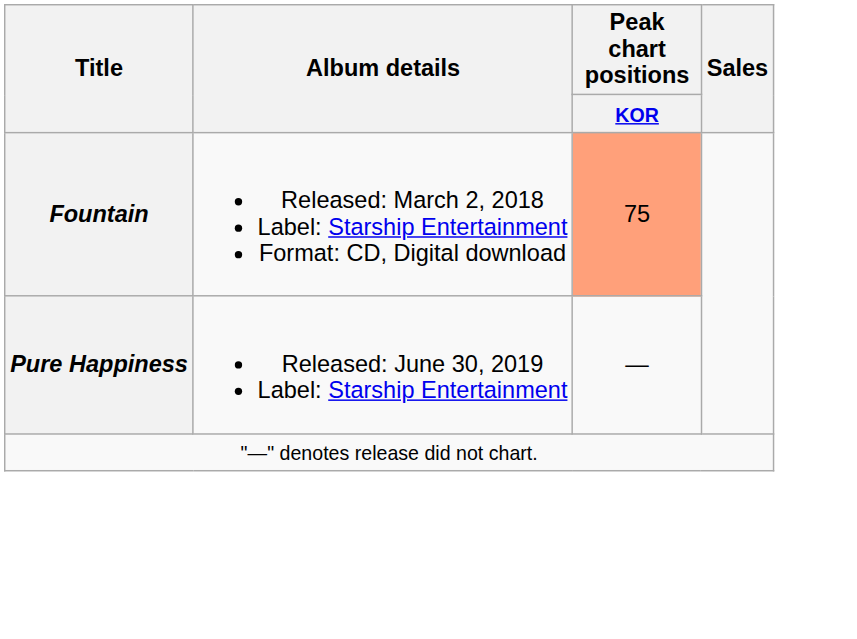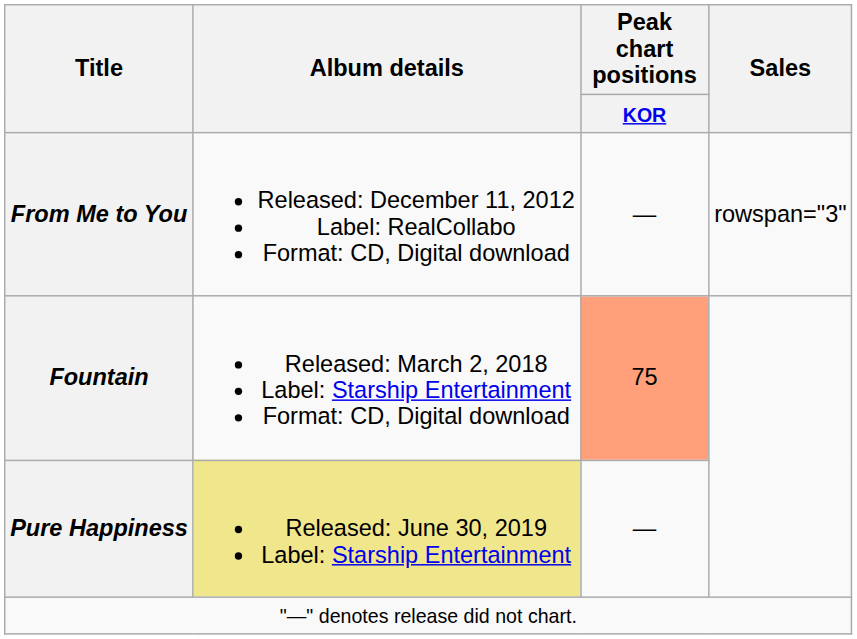 <table class="wikitable plainrowheaders" style="text-align:center;">
 <tr>
 <th rowspan="2" scope="col">Title</th>
 <th rowspan="2" scope="col">Album details</th>
 <th colspan="1" scope="col" style="width:5em;">Peak chart positions</th>
 <th rowspan="2" scope="col">Sales</th>
 </tr>
 <tr>
 <th><small><a href='#'>KOR</a></small><br></th>
 </tr>
 <tr>
+<th scope="row"><em>From Me to You</em></th>
+<td><br><ul><li>Released: December 11, 2012</li><li>Label: RealCollabo</li><li>Format: CD, Digital download</li></ul></td>
+<td>—</td>
+<td>rowspan="3" </td>
+</tr>
+<tr>
 <th scope="row"><em>Fountain</em></th>
 <td><br><ul><li>Released: March 2, 2018</li><li>Label: <a href='#'>Starship Entertainment</a></li><li>Format: CD, Digital download</li></ul></td>
 <td style="background: lightsalmon;">75</td>
 </tr>
 <tr>
 <th scope="row"><em>Pure Happiness</em></th>
-<td><br><ul><li>Released: June 30, 2019</li><li>Label: <a href='#'>Starship Entertainment</a></li></ul></td>
+<td style="background: khaki;"><br><ul><li>Released: June 30, 2019</li><li>Label: <a href='#'>Starship Entertainment</a></li></ul></td>
 <td>—</td>
 </tr>
 <tr>
 <td colspan="4"><small>"—" denotes release did not chart.</small></td>
 </tr>
 </table>
